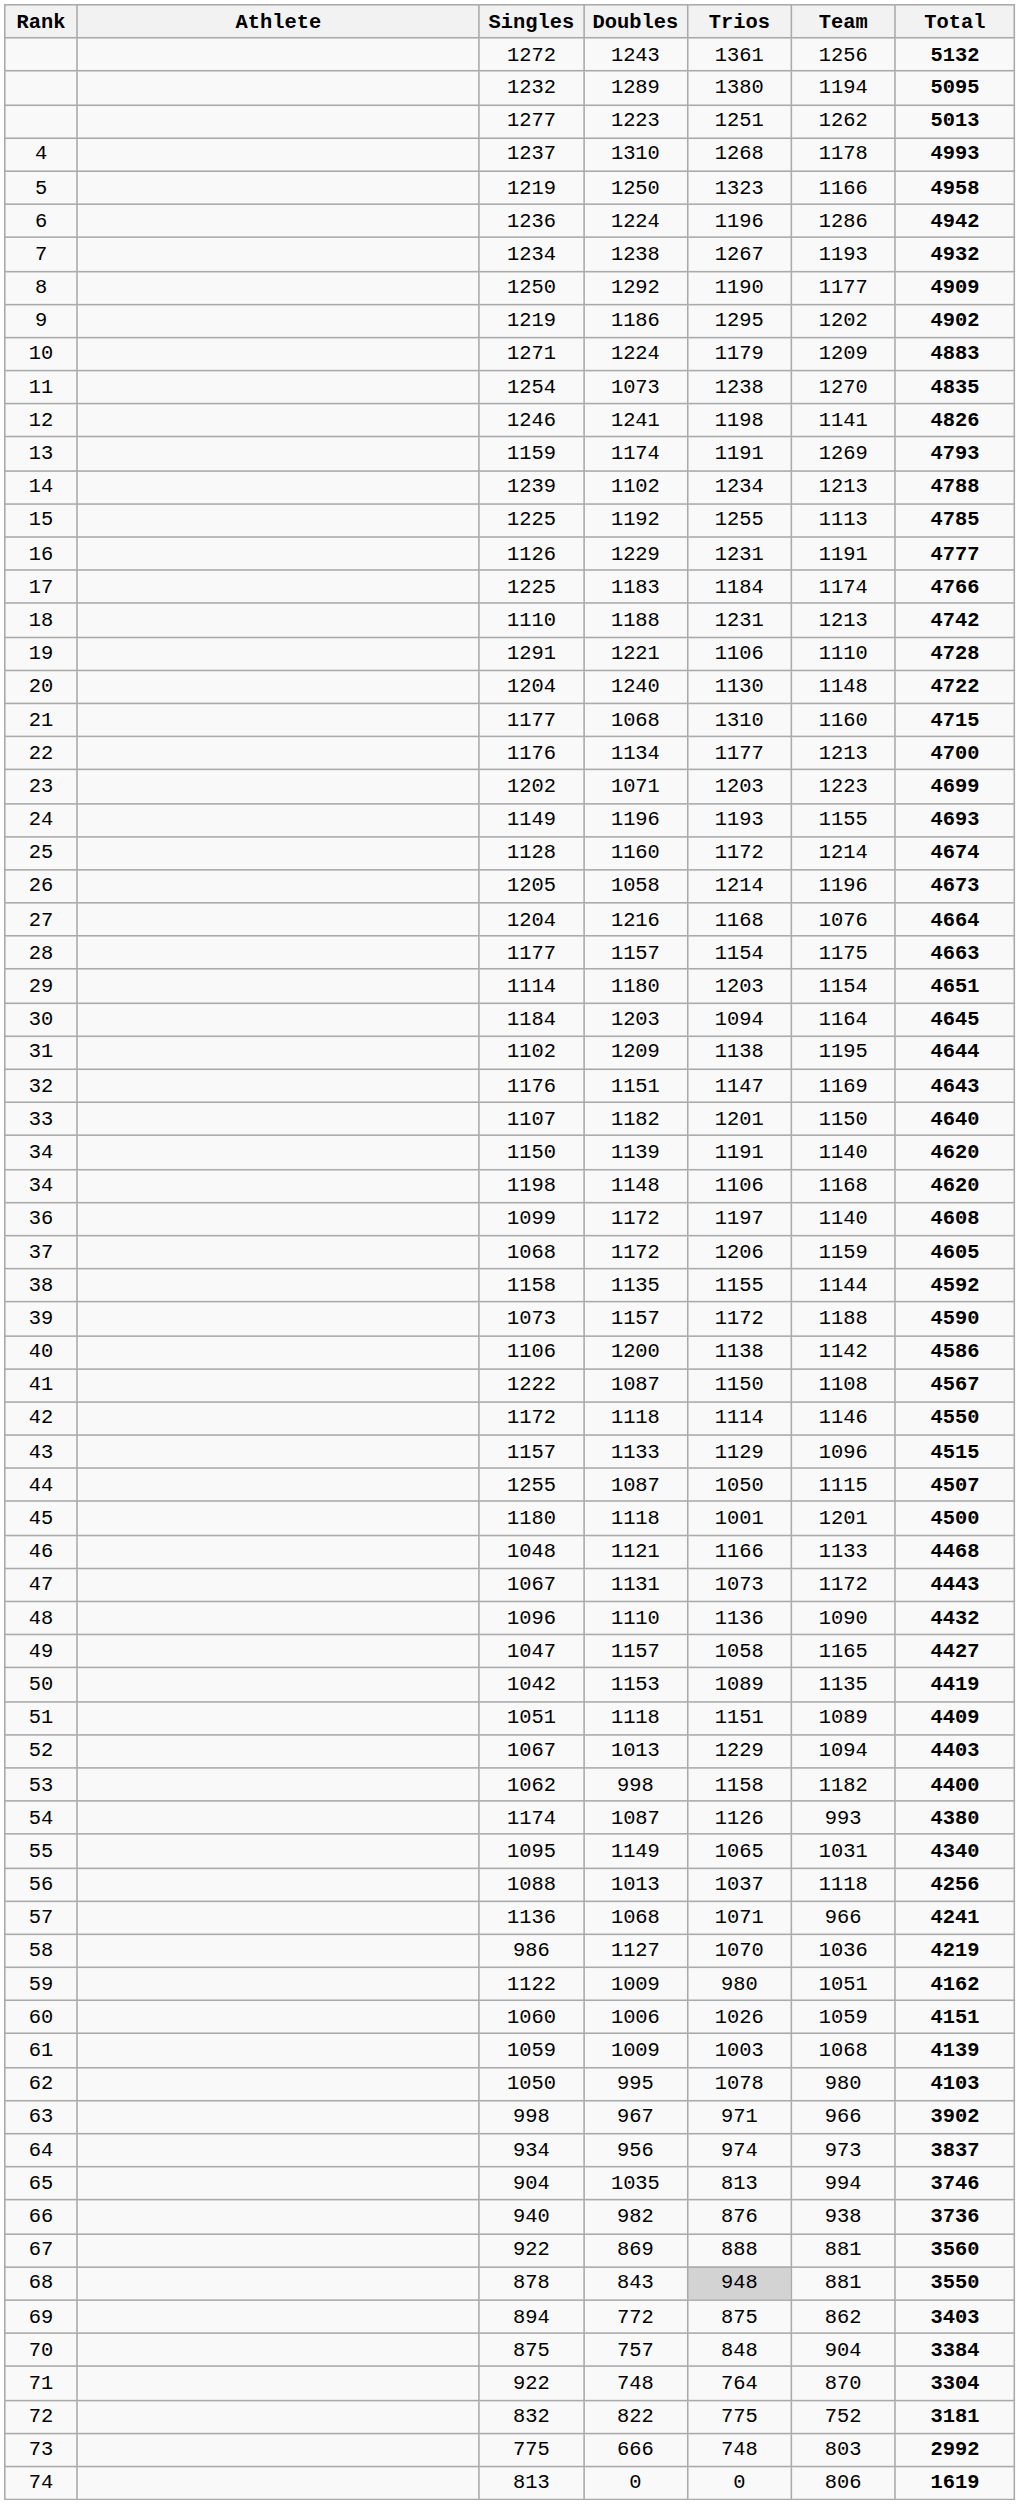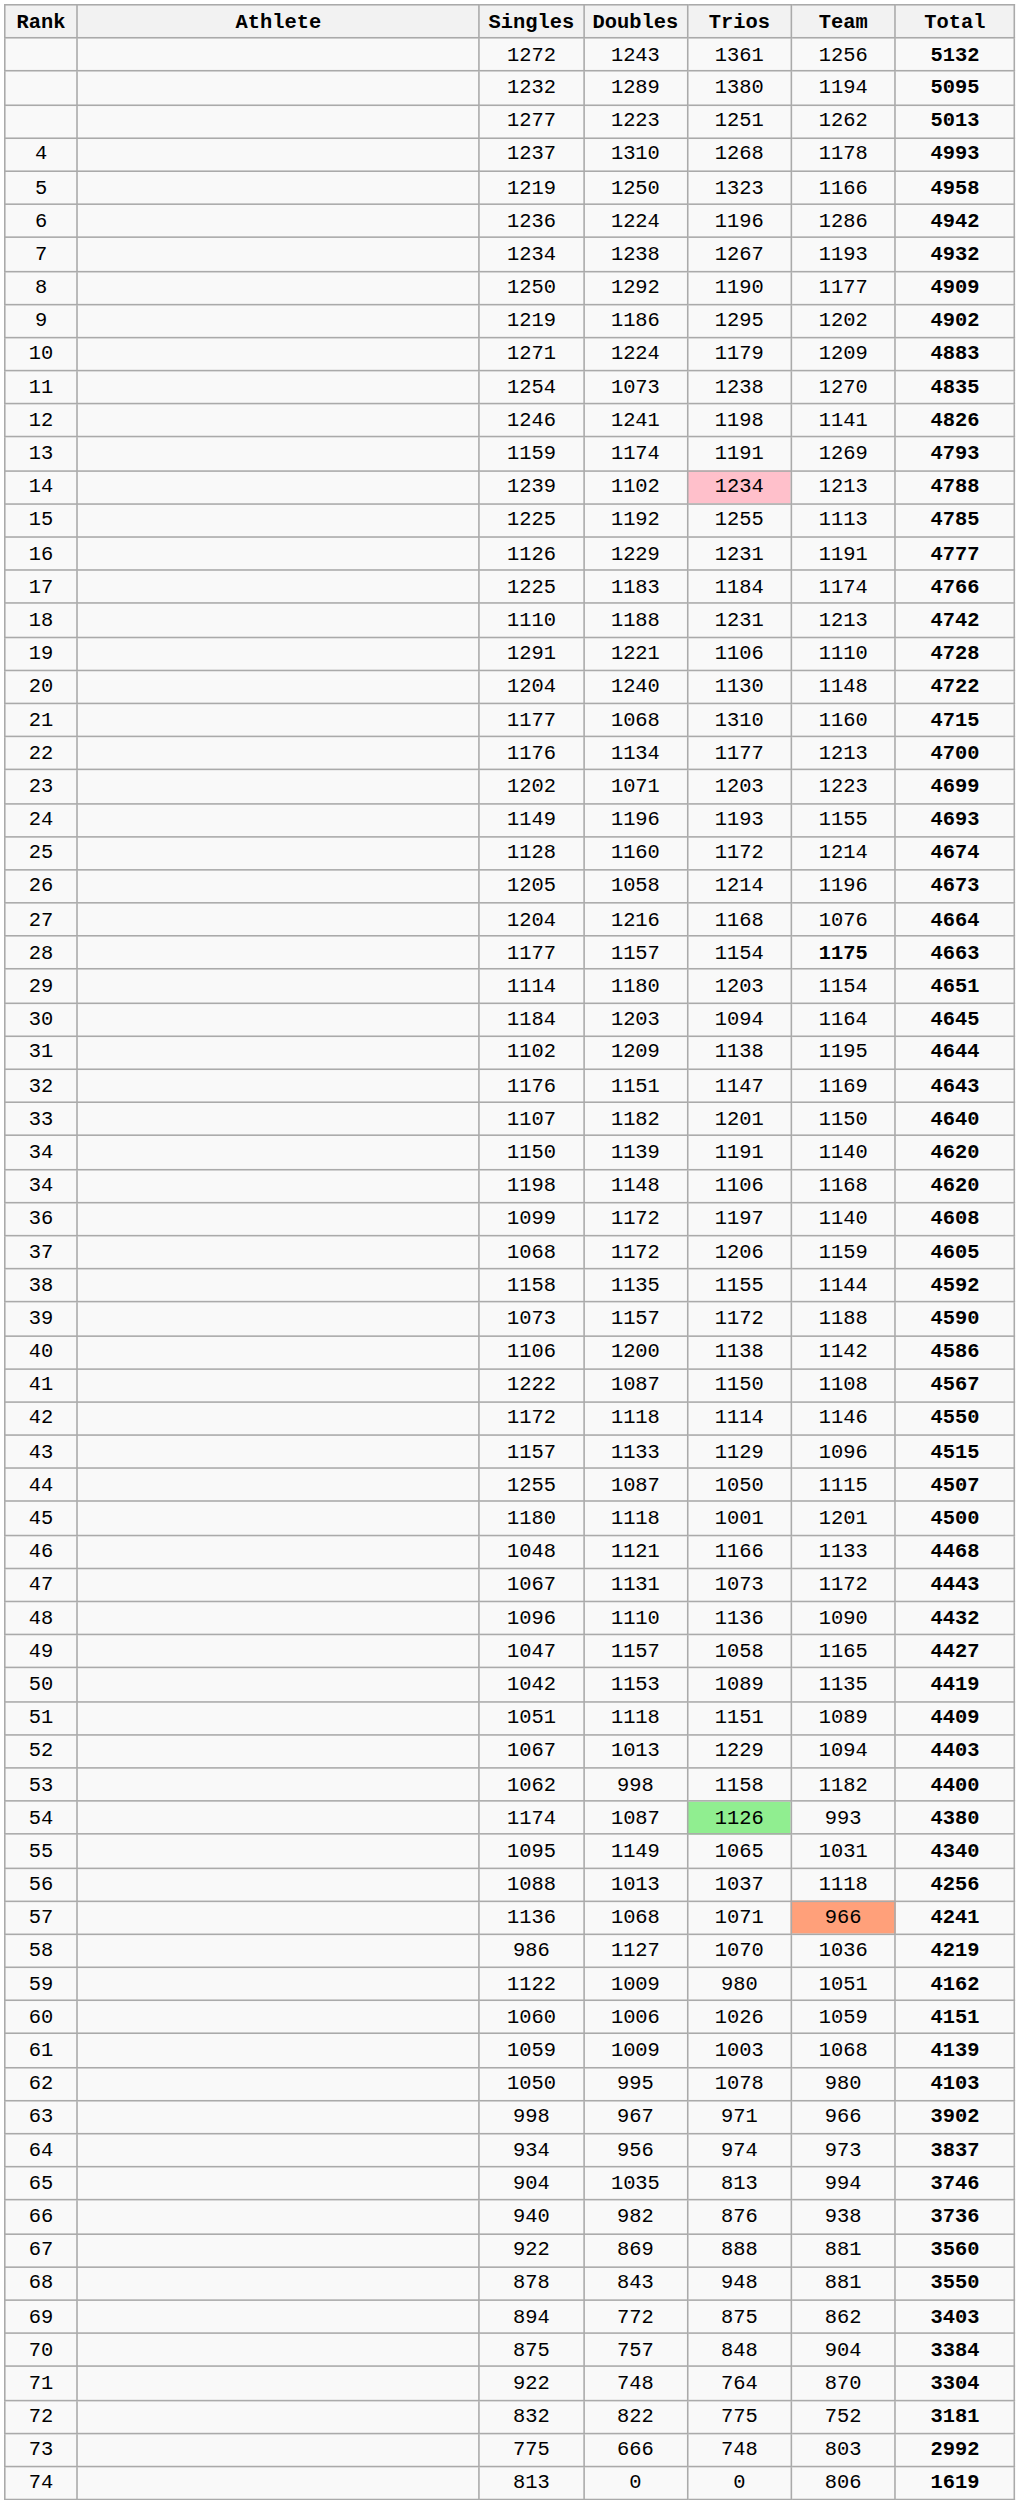 <table class=wikitable style="text-align:center">
 <tr>
 <th width=40>Rank</th>
 <th width=250>Athlete</th>
 <th width=60>Singles</th>
 <th width=60>Doubles</th>
 <th width=60>Trios</th>
 <th width=60>Team</th>
 <th width=70>Total</th>
 </tr>
 <tr>
 <td></td>
 <td align=left></td>
 <td>1272</td>
 <td>1243</td>
 <td>1361</td>
 <td>1256</td>
 <td><strong>5132</strong></td>
 </tr>
 <tr>
 <td></td>
 <td align=left></td>
 <td>1232</td>
 <td>1289</td>
 <td>1380</td>
 <td>1194</td>
 <td><strong>5095</strong></td>
 </tr>
 <tr>
 <td></td>
 <td align=left></td>
 <td>1277</td>
 <td>1223</td>
 <td>1251</td>
 <td>1262</td>
 <td><strong>5013</strong></td>
 </tr>
 <tr>
 <td>4</td>
 <td align=left></td>
 <td>1237</td>
 <td>1310</td>
 <td>1268</td>
 <td>1178</td>
 <td><strong>4993</strong></td>
 </tr>
 <tr>
 <td>5</td>
 <td align=left></td>
 <td>1219</td>
 <td>1250</td>
 <td>1323</td>
 <td>1166</td>
 <td><strong>4958</strong></td>
 </tr>
 <tr>
 <td>6</td>
 <td align=left></td>
 <td>1236</td>
 <td>1224</td>
 <td>1196</td>
 <td>1286</td>
 <td><strong>4942</strong></td>
 </tr>
 <tr>
 <td>7</td>
 <td align=left></td>
 <td>1234</td>
 <td>1238</td>
 <td>1267</td>
 <td>1193</td>
 <td><strong>4932</strong></td>
 </tr>
 <tr>
 <td>8</td>
 <td align=left></td>
 <td>1250</td>
 <td>1292</td>
 <td>1190</td>
 <td>1177</td>
 <td><strong>4909</strong></td>
 </tr>
 <tr>
 <td>9</td>
 <td align=left></td>
 <td>1219</td>
 <td>1186</td>
 <td>1295</td>
 <td>1202</td>
 <td><strong>4902</strong></td>
 </tr>
 <tr>
 <td>10</td>
 <td align=left></td>
 <td>1271</td>
 <td>1224</td>
 <td>1179</td>
 <td>1209</td>
 <td><strong>4883</strong></td>
 </tr>
 <tr>
 <td>11</td>
 <td align=left></td>
 <td>1254</td>
 <td>1073</td>
 <td>1238</td>
 <td>1270</td>
 <td><strong>4835</strong></td>
 </tr>
 <tr>
 <td>12</td>
 <td align=left></td>
 <td>1246</td>
 <td>1241</td>
 <td>1198</td>
 <td>1141</td>
 <td><strong>4826</strong></td>
 </tr>
 <tr>
 <td>13</td>
 <td align=left></td>
 <td>1159</td>
 <td>1174</td>
 <td>1191</td>
 <td>1269</td>
 <td><strong>4793</strong></td>
 </tr>
 <tr>
 <td>14</td>
 <td align=left></td>
 <td>1239</td>
 <td>1102</td>
-<td>1234</td>
+<td style="background: pink;">1234</td>
 <td>1213</td>
 <td><strong>4788</strong></td>
 </tr>
 <tr>
 <td>15</td>
 <td align=left></td>
 <td>1225</td>
 <td>1192</td>
 <td>1255</td>
 <td>1113</td>
 <td><strong>4785</strong></td>
 </tr>
 <tr>
 <td>16</td>
 <td align=left></td>
 <td>1126</td>
 <td>1229</td>
 <td>1231</td>
 <td>1191</td>
 <td><strong>4777</strong></td>
 </tr>
 <tr>
 <td>17</td>
 <td align=left></td>
 <td>1225</td>
 <td>1183</td>
 <td>1184</td>
 <td>1174</td>
 <td><strong>4766</strong></td>
 </tr>
 <tr>
 <td>18</td>
 <td align=left></td>
 <td>1110</td>
 <td>1188</td>
 <td>1231</td>
 <td>1213</td>
 <td><strong>4742</strong></td>
 </tr>
 <tr>
 <td>19</td>
 <td align=left></td>
 <td>1291</td>
 <td>1221</td>
 <td>1106</td>
 <td>1110</td>
 <td><strong>4728</strong></td>
 </tr>
 <tr>
 <td>20</td>
 <td align=left></td>
 <td>1204</td>
 <td>1240</td>
 <td>1130</td>
 <td>1148</td>
 <td><strong>4722</strong></td>
 </tr>
 <tr>
 <td>21</td>
 <td align=left></td>
 <td>1177</td>
 <td>1068</td>
 <td>1310</td>
 <td>1160</td>
 <td><strong>4715</strong></td>
 </tr>
 <tr>
 <td>22</td>
 <td align=left></td>
 <td>1176</td>
 <td>1134</td>
 <td>1177</td>
 <td>1213</td>
 <td><strong>4700</strong></td>
 </tr>
 <tr>
 <td>23</td>
 <td align=left></td>
 <td>1202</td>
 <td>1071</td>
 <td>1203</td>
 <td>1223</td>
 <td><strong>4699</strong></td>
 </tr>
 <tr>
 <td>24</td>
 <td align=left></td>
 <td>1149</td>
 <td>1196</td>
 <td>1193</td>
 <td>1155</td>
 <td><strong>4693</strong></td>
 </tr>
 <tr>
 <td>25</td>
 <td align=left></td>
 <td>1128</td>
 <td>1160</td>
 <td>1172</td>
 <td>1214</td>
 <td><strong>4674</strong></td>
 </tr>
 <tr>
 <td>26</td>
 <td align=left></td>
 <td>1205</td>
 <td>1058</td>
 <td>1214</td>
 <td>1196</td>
 <td><strong>4673</strong></td>
 </tr>
 <tr>
 <td>27</td>
 <td align=left></td>
 <td>1204</td>
 <td>1216</td>
 <td>1168</td>
 <td>1076</td>
 <td><strong>4664</strong></td>
 </tr>
 <tr>
 <td>28</td>
 <td align=left></td>
 <td>1177</td>
 <td>1157</td>
 <td>1154</td>
-<td>1175</td>
+<td><strong>1175</strong></td>
 <td><strong>4663</strong></td>
 </tr>
 <tr>
 <td>29</td>
 <td align=left></td>
 <td>1114</td>
 <td>1180</td>
 <td>1203</td>
 <td>1154</td>
 <td><strong>4651</strong></td>
 </tr>
 <tr>
 <td>30</td>
 <td align=left></td>
 <td>1184</td>
 <td>1203</td>
 <td>1094</td>
 <td>1164</td>
 <td><strong>4645</strong></td>
 </tr>
 <tr>
 <td>31</td>
 <td align=left></td>
 <td>1102</td>
 <td>1209</td>
 <td>1138</td>
 <td>1195</td>
 <td><strong>4644</strong></td>
 </tr>
 <tr>
 <td>32</td>
 <td align=left></td>
 <td>1176</td>
 <td>1151</td>
 <td>1147</td>
 <td>1169</td>
 <td><strong>4643</strong></td>
 </tr>
 <tr>
 <td>33</td>
 <td align=left></td>
 <td>1107</td>
 <td>1182</td>
 <td>1201</td>
 <td>1150</td>
 <td><strong>4640</strong></td>
 </tr>
 <tr>
 <td>34</td>
 <td align=left></td>
 <td>1150</td>
 <td>1139</td>
 <td>1191</td>
 <td>1140</td>
 <td><strong>4620</strong></td>
 </tr>
 <tr>
 <td>34</td>
 <td align=left></td>
 <td>1198</td>
 <td>1148</td>
 <td>1106</td>
 <td>1168</td>
 <td><strong>4620</strong></td>
 </tr>
 <tr>
 <td>36</td>
 <td align=left></td>
 <td>1099</td>
 <td>1172</td>
 <td>1197</td>
 <td>1140</td>
 <td><strong>4608</strong></td>
 </tr>
 <tr>
 <td>37</td>
 <td align=left></td>
 <td>1068</td>
 <td>1172</td>
 <td>1206</td>
 <td>1159</td>
 <td><strong>4605</strong></td>
 </tr>
 <tr>
 <td>38</td>
 <td align=left></td>
 <td>1158</td>
 <td>1135</td>
 <td>1155</td>
 <td>1144</td>
 <td><strong>4592</strong></td>
 </tr>
 <tr>
 <td>39</td>
 <td align=left></td>
 <td>1073</td>
 <td>1157</td>
 <td>1172</td>
 <td>1188</td>
 <td><strong>4590</strong></td>
 </tr>
 <tr>
 <td>40</td>
 <td align=left></td>
 <td>1106</td>
 <td>1200</td>
 <td>1138</td>
 <td>1142</td>
 <td><strong>4586</strong></td>
 </tr>
 <tr>
 <td>41</td>
 <td align=left></td>
 <td>1222</td>
 <td>1087</td>
 <td>1150</td>
 <td>1108</td>
 <td><strong>4567</strong></td>
 </tr>
 <tr>
 <td>42</td>
 <td align=left></td>
 <td>1172</td>
 <td>1118</td>
 <td>1114</td>
 <td>1146</td>
 <td><strong>4550</strong></td>
 </tr>
 <tr>
 <td>43</td>
 <td align=left></td>
 <td>1157</td>
 <td>1133</td>
 <td>1129</td>
 <td>1096</td>
 <td><strong>4515</strong></td>
 </tr>
 <tr>
 <td>44</td>
 <td align=left></td>
 <td>1255</td>
 <td>1087</td>
 <td>1050</td>
 <td>1115</td>
 <td><strong>4507</strong></td>
 </tr>
 <tr>
 <td>45</td>
 <td align=left></td>
 <td>1180</td>
 <td>1118</td>
 <td>1001</td>
 <td>1201</td>
 <td><strong>4500</strong></td>
 </tr>
 <tr>
 <td>46</td>
 <td align=left></td>
 <td>1048</td>
 <td>1121</td>
 <td>1166</td>
 <td>1133</td>
 <td><strong>4468</strong></td>
 </tr>
 <tr>
 <td>47</td>
 <td align=left></td>
 <td>1067</td>
 <td>1131</td>
 <td>1073</td>
 <td>1172</td>
 <td><strong>4443</strong></td>
 </tr>
 <tr>
 <td>48</td>
 <td align=left></td>
 <td>1096</td>
 <td>1110</td>
 <td>1136</td>
 <td>1090</td>
 <td><strong>4432</strong></td>
 </tr>
 <tr>
 <td>49</td>
 <td align=left></td>
 <td>1047</td>
 <td>1157</td>
 <td>1058</td>
 <td>1165</td>
 <td><strong>4427</strong></td>
 </tr>
 <tr>
 <td>50</td>
 <td align=left></td>
 <td>1042</td>
 <td>1153</td>
 <td>1089</td>
 <td>1135</td>
 <td><strong>4419</strong></td>
 </tr>
 <tr>
 <td>51</td>
 <td align=left></td>
 <td>1051</td>
 <td>1118</td>
 <td>1151</td>
 <td>1089</td>
 <td><strong>4409</strong></td>
 </tr>
 <tr>
 <td>52</td>
 <td align=left></td>
 <td>1067</td>
 <td>1013</td>
 <td>1229</td>
 <td>1094</td>
 <td><strong>4403</strong></td>
 </tr>
 <tr>
 <td>53</td>
 <td align=left></td>
 <td>1062</td>
 <td>998</td>
 <td>1158</td>
 <td>1182</td>
 <td><strong>4400</strong></td>
 </tr>
 <tr>
 <td>54</td>
 <td align=left></td>
 <td>1174</td>
 <td>1087</td>
-<td>1126</td>
+<td style="background: lightgreen;">1126</td>
 <td>993</td>
 <td><strong>4380</strong></td>
 </tr>
 <tr>
 <td>55</td>
 <td align=left></td>
 <td>1095</td>
 <td>1149</td>
 <td>1065</td>
 <td>1031</td>
 <td><strong>4340</strong></td>
 </tr>
 <tr>
 <td>56</td>
 <td align=left></td>
 <td>1088</td>
 <td>1013</td>
 <td>1037</td>
 <td>1118</td>
 <td><strong>4256</strong></td>
 </tr>
 <tr>
 <td>57</td>
 <td align=left></td>
 <td>1136</td>
 <td>1068</td>
 <td>1071</td>
-<td>966</td>
+<td style="background: lightsalmon;">966</td>
 <td><strong>4241</strong></td>
 </tr>
 <tr>
 <td>58</td>
 <td align=left></td>
 <td>986</td>
 <td>1127</td>
 <td>1070</td>
 <td>1036</td>
 <td><strong>4219</strong></td>
 </tr>
 <tr>
 <td>59</td>
 <td align=left></td>
 <td>1122</td>
 <td>1009</td>
 <td>980</td>
 <td>1051</td>
 <td><strong>4162</strong></td>
 </tr>
 <tr>
 <td>60</td>
 <td align=left></td>
 <td>1060</td>
 <td>1006</td>
 <td>1026</td>
 <td>1059</td>
 <td><strong>4151</strong></td>
 </tr>
 <tr>
 <td>61</td>
 <td align=left></td>
 <td>1059</td>
 <td>1009</td>
 <td>1003</td>
 <td>1068</td>
 <td><strong>4139</strong></td>
 </tr>
 <tr>
 <td>62</td>
 <td align=left></td>
 <td>1050</td>
 <td>995</td>
 <td>1078</td>
 <td>980</td>
 <td><strong>4103</strong></td>
 </tr>
 <tr>
 <td>63</td>
 <td align=left></td>
 <td>998</td>
 <td>967</td>
 <td>971</td>
 <td>966</td>
 <td><strong>3902</strong></td>
 </tr>
 <tr>
 <td>64</td>
 <td align=left></td>
 <td>934</td>
 <td>956</td>
 <td>974</td>
 <td>973</td>
 <td><strong>3837</strong></td>
 </tr>
 <tr>
 <td>65</td>
 <td align=left></td>
 <td>904</td>
 <td>1035</td>
 <td>813</td>
 <td>994</td>
 <td><strong>3746</strong></td>
 </tr>
 <tr>
 <td>66</td>
 <td align=left></td>
 <td>940</td>
 <td>982</td>
 <td>876</td>
 <td>938</td>
 <td><strong>3736</strong></td>
 </tr>
 <tr>
 <td>67</td>
 <td align=left></td>
 <td>922</td>
 <td>869</td>
 <td>888</td>
 <td>881</td>
 <td><strong>3560</strong></td>
 </tr>
 <tr>
 <td>68</td>
 <td align=left></td>
 <td>878</td>
 <td>843</td>
-<td style="background: lightgrey;">948</td>
+<td>948</td>
 <td>881</td>
 <td><strong>3550</strong></td>
 </tr>
 <tr>
 <td>69</td>
 <td align=left></td>
 <td>894</td>
 <td>772</td>
 <td>875</td>
 <td>862</td>
 <td><strong>3403</strong></td>
 </tr>
 <tr>
 <td>70</td>
 <td align=left></td>
 <td>875</td>
 <td>757</td>
 <td>848</td>
 <td>904</td>
 <td><strong>3384</strong></td>
 </tr>
 <tr>
 <td>71</td>
 <td align=left></td>
 <td>922</td>
 <td>748</td>
 <td>764</td>
 <td>870</td>
 <td><strong>3304</strong></td>
 </tr>
 <tr>
 <td>72</td>
 <td align=left></td>
 <td>832</td>
 <td>822</td>
 <td>775</td>
 <td>752</td>
 <td><strong>3181</strong></td>
 </tr>
 <tr>
 <td>73</td>
 <td align=left></td>
 <td>775</td>
 <td>666</td>
 <td>748</td>
 <td>803</td>
 <td><strong>2992</strong></td>
 </tr>
 <tr>
 <td>74</td>
 <td align=left></td>
 <td>813</td>
 <td>0</td>
 <td>0</td>
 <td>806</td>
 <td><strong>1619</strong></td>
 </tr>
 </table>
